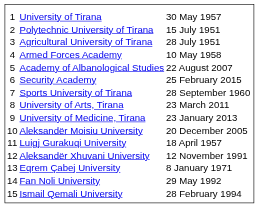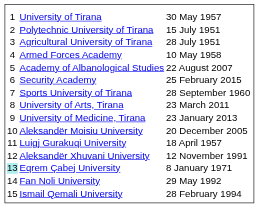 <table cellpadding="0" cellspacing="3" style="margin:1px; border:1px solid #000000;">
 <tr>
 <th colspan="3"></th>
 </tr>
 <tr>
 <td><strong></strong></td>
 <td><strong></strong></td>
 <td><strong></strong></td>
 <td><strong></strong></td>
 </tr>
 <tr>
 <th bgcolor="#000000" colspan="3"></th>
 </tr>
 <tr>
 <td align=center>1</td>
 <td><a href='#'>University of Tirana</a></td>
 <td>30 May 1957</td>
 <td align="center"></td>
 </tr>
 <tr>
 <td align=center>2</td>
 <td><a href='#'>Polytechnic University of Tirana</a></td>
 <td>15 July 1951</td>
 <td align="center"></td>
 </tr>
 <tr>
 <td align=center>3</td>
 <td><a href='#'>Agricultural University of Tirana</a></td>
 <td>28 July 1951</td>
 <td align="center"></td>
 </tr>
 <tr>
 <td align=center>4</td>
 <td><a href='#'>Armed Forces Academy</a></td>
 <td>10 May 1958</td>
 <td align="center"></td>
 </tr>
 <tr>
 <td align=center>5</td>
 <td><a href='#'>Academy of Albanological Studies</a></td>
 <td>22 August 2007</td>
 <td align="center"></td>
 </tr>
 <tr>
 <td align=center>6</td>
 <td><a href='#'>Security Academy</a></td>
 <td>25 February 2015</td>
 <td align="center"></td>
 </tr>
 <tr>
 <td align=center>7</td>
 <td><a href='#'>Sports University of Tirana</a></td>
 <td>28 September 1960</td>
 <td align="center"></td>
 </tr>
 <tr>
 <td align=center>8</td>
 <td><a href='#'>University of Arts, Tirana</a></td>
 <td>23 March 2011</td>
 <td align="center"></td>
 </tr>
 <tr>
 <td align=center>9</td>
 <td><a href='#'>University of Medicine, Tirana</a></td>
 <td>23 January 2013</td>
 <td align="center"></td>
 </tr>
 <tr>
 <td align=center>10</td>
 <td><a href='#'>Aleksandër Moisiu University</a></td>
 <td>20 December 2005</td>
 <td align="center"></td>
 </tr>
 <tr>
 <td align=center>11</td>
 <td><a href='#'>Luigj Gurakuqi University</a></td>
 <td>18 April 1957</td>
 <td align="center"></td>
 </tr>
 <tr>
 <td align=center>12</td>
 <td><a href='#'>Aleksandër Xhuvani University</a></td>
 <td>12 November 1991</td>
 <td align="center"></td>
 </tr>
 <tr>
-<td align=center>13</td>
+<td align=center style="background: paleturquoise;">13</td>
 <td><a href='#'>Eqrem Çabej University</a></td>
 <td>8 January 1971</td>
 <td align="center"></td>
 </tr>
 <tr>
 <td align=center>14</td>
 <td><a href='#'>Fan Noli University</a></td>
 <td>29 May 1992</td>
 <td align="center"></td>
 </tr>
 <tr>
 <td align=center>15</td>
 <td><a href='#'>Ismail Qemali University</a></td>
 <td>28 February 1994</td>
 <td align="center"></td>
 </tr>
 <tr>
 </tr>
 </table>
